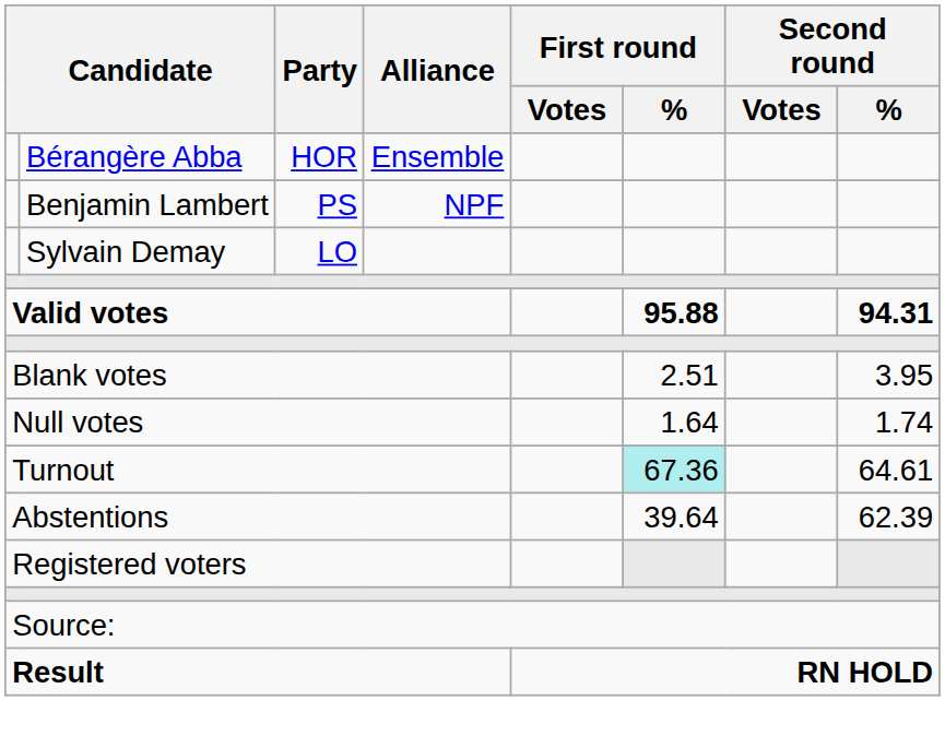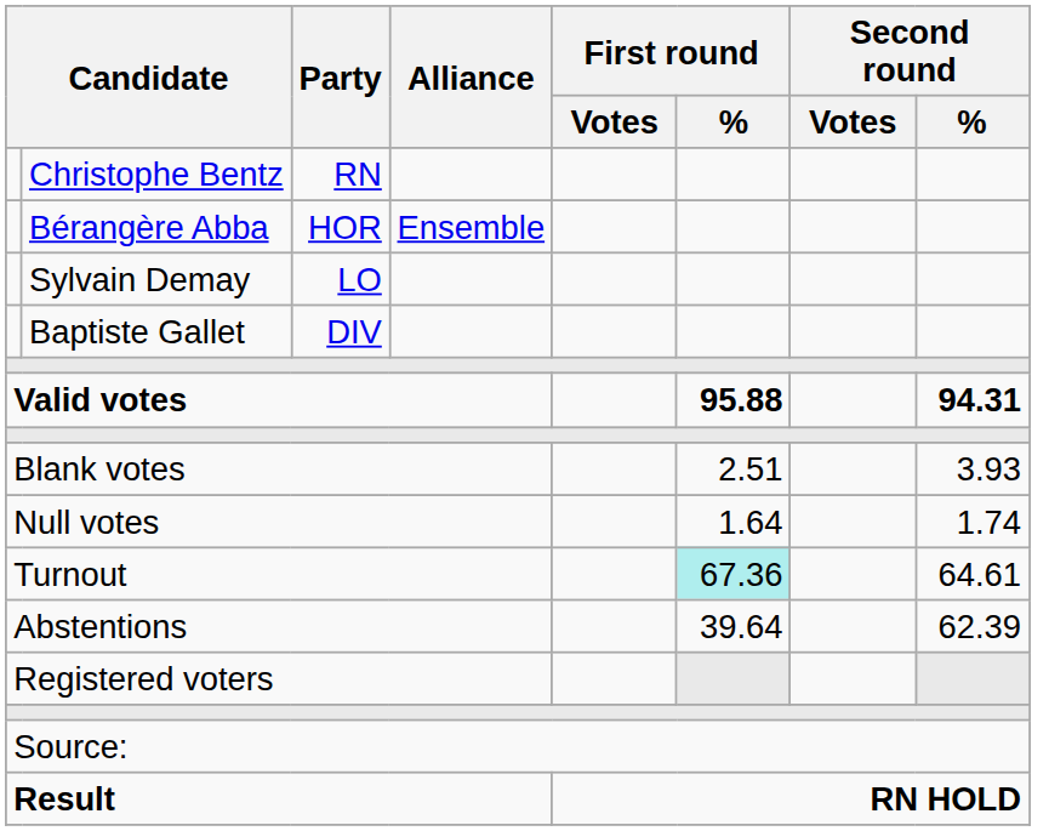 <table class="wikitable" style="text-align:right;font-size:95%;">
 <tr>
 <th colspan="2" rowspan="2">Candidate</th>
 <th colspan="1" rowspan="2">Party</th>
 <th colspan="1" rowspan="2">Alliance</th>
 <th colspan="2">First round</th>
 <th colspan="2">Second round</th>
 </tr>
 <tr>
 <th style="width:50px;">Votes</th>
 <th style="width:45px;">%</th>
 <th style="width:50px;">Votes</th>
 <th style="width:45px;">%</th>
 </tr>
 <tr>
 <td style="color:inherit;background:"></td>
+<td style="text-align:left;"><a href='#'>Christophe Bentz</a></td>
+<td><a href='#'>RN</a></td>
+<td></td>
+<td></td>
+<td></td>
+<td><strong></strong></td>
+<td><strong></strong></td>
+</tr>
+<tr>
+<td style="color:inherit;background:"></td>
 <td style="text-align:left;"><a href='#'>Bérangère Abba</a></td>
 <td><a href='#'>HOR</a></td>
 <td><a href='#'>Ensemble</a></td>
 <td></td>
 <td></td>
 <td></td>
 <td></td>
 </tr>
 <tr>
 <td style="color:inherit;background:"></td>
-<td style="text-align:left;">Benjamin Lambert</td>
-<td><a href='#'>PS</a></td>
-<td><a href='#'>NPF</a></td>
+<td style="text-align:left;">Sylvain Demay</td>
+<td><a href='#'>LO</a></td>
+<td></td>
 <td></td>
 <td></td>
 <td></td>
 <td></td>
 </tr>
 <tr>
 <td style="color:inherit;background:"></td>
-<td style="text-align:left;">Sylvain Demay</td>
-<td><a href='#'>LO</a></td>
+<td style="text-align:left;">Baptiste Gallet</td>
+<td><a href='#'>DIV</a></td>
 <td></td>
 <td></td>
 <td></td>
 <td></td>
 <td></td>
 </tr>
 <tr>
 <td colspan="8" style="background:#E9E9E9;"></td>
 </tr>
 <tr style="font-weight:bold;">
 <td colspan="4" style="text-align:left;">Valid votes</td>
 <td></td>
 <td>95.88</td>
 <td></td>
 <td>94.31</td>
 </tr>
 <tr>
 <td colspan="8" style="background:#E9E9E9;"></td>
 </tr>
 <tr>
 <td colspan="4" style="text-align:left;">Blank votes</td>
 <td></td>
 <td>2.51</td>
 <td></td>
-<td>3.95</td>
+<td>3.93</td>
 </tr>
 <tr>
 <td colspan="4" style="text-align:left;">Null votes</td>
 <td></td>
 <td>1.64</td>
 <td></td>
 <td>1.74</td>
 </tr>
 <tr>
 <td colspan="4" style="text-align:left;">Turnout</td>
 <td></td>
 <td style="background: paleturquoise;">67.36</td>
 <td></td>
 <td>64.61</td>
 </tr>
 <tr>
 <td colspan="4" style="text-align:left;">Abstentions</td>
 <td></td>
 <td>39.64</td>
 <td></td>
 <td>62.39</td>
 </tr>
 <tr>
 <td colspan="4" style="text-align:left;">Registered voters</td>
 <td></td>
 <td style="background:#E9E9E9;"></td>
 <td></td>
 <td style="background:#E9E9E9;"></td>
 </tr>
 <tr>
 <td colspan="8" style="background:#E9E9E9;"></td>
 </tr>
 <tr>
 <td colspan="8" style="text-align:left;">Source: </td>
 </tr>
 <tr style="font-weight:bold">
 <td colspan="4" style="text-align:left;">Result</td>
 <td colspan="4" style="background-color:">RN HOLD</td>
 </tr>
 </table>
